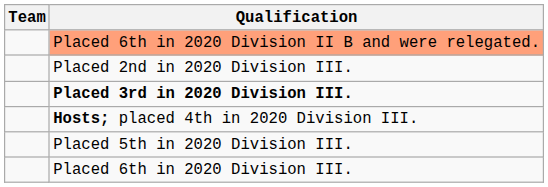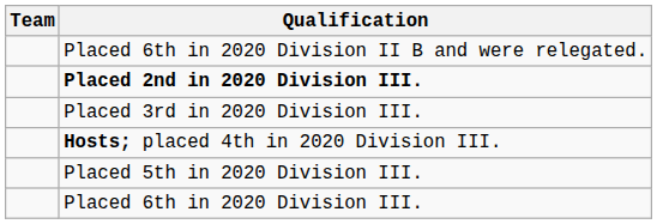 <table class="wikitable">
 <tr>
 <th>Team</th>
 <th>Qualification</th>
 </tr>
 <tr>
 <td><s></s></td>
-<td style="background: lightsalmon;">Placed 6th in 2020 Division II B and were relegated.</td>
+<td>Placed 6th in 2020 Division II B and were relegated.</td>
 </tr>
 <tr>
 <td></td>
-<td>Placed 2nd in 2020 Division III.</td>
+<td><strong>Placed 2nd in 2020 Division III.</strong></td>
 </tr>
 <tr>
 <td><s></s></td>
-<td><strong>Placed 3rd in 2020 Division III.</strong></td>
+<td>Placed 3rd in 2020 Division III.</td>
 </tr>
 <tr>
 <td></td>
 <td><strong>Hosts;</strong> placed 4th in 2020 Division III.</td>
 </tr>
 <tr>
 <td></td>
 <td>Placed 5th in 2020 Division III.</td>
 </tr>
 <tr>
 <td><s></s></td>
 <td>Placed 6th in 2020 Division III.</td>
 </tr>
 </table>
